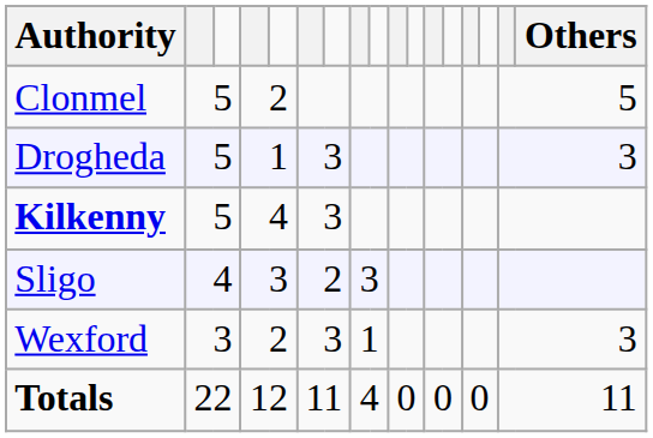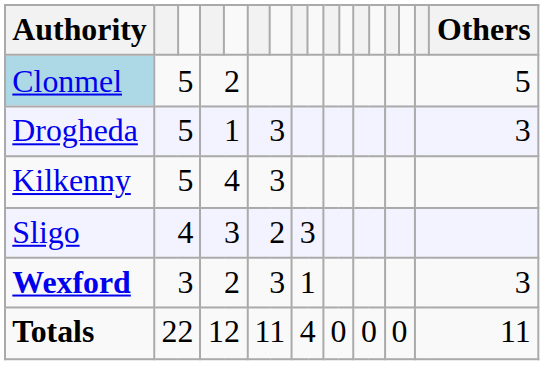 <table class="wikitable" style="text-align:right; padding-left:1em">
 <tr>
 <th align=left>Authority</th>
 <th style="background-color: "></th>
 <td><a href='#'></a></td>
 <th style="background-color: "></th>
 <td><a href='#'></a></td>
 <th style="background-color: "></th>
 <td><a href='#'></a></td>
 <th style="background-color: "></th>
 <td><a href='#'></a></td>
 <th style="background-color: "></th>
 <td><a href='#'></a></td>
 <th style="background-color: "></th>
 <td><a href='#'></a></td>
 <th style="background-color: "></th>
 <td><a href='#'></a></td>
 <th style="background-color: "></th>
 <th>Others</th>
 </tr>
 <tr>
-<td align=left><a href='#'>Clonmel</a></td>
+<td align=left style="background: lightblue;"><a href='#'>Clonmel</a></td>
 <td colspan=2>5</td>
 <td colspan=2>2</td>
 <td colspan=2></td>
 <td colspan=2></td>
 <td colspan=2></td>
 <td colspan=2></td>
 <td colspan=2></td>
 <td colspan=2>5</td>
 </tr>
 <tr bgcolor=F3F3FF>
 <td align=left><a href='#'>Drogheda</a></td>
 <td colspan=2>5</td>
 <td colspan=2>1</td>
 <td colspan=2>3</td>
 <td colspan=2></td>
 <td colspan=2></td>
 <td colspan=2></td>
 <td colspan=2></td>
 <td colspan=2>3</td>
 </tr>
 <tr>
-<td align=left><strong><a href='#'>Kilkenny</a></strong></td>
+<td align=left><a href='#'>Kilkenny</a></td>
 <td colspan=2>5</td>
 <td colspan=2>4</td>
 <td colspan=2>3</td>
 <td colspan=2></td>
 <td colspan=2></td>
 <td colspan=2></td>
 <td colspan=2></td>
 <td colspan=2></td>
 </tr>
 <tr bgcolor=F3F3FF>
 <td align=left><a href='#'>Sligo</a></td>
 <td colspan=2>4</td>
 <td colspan=2>3</td>
 <td colspan=2>2</td>
 <td colspan=2>3</td>
 <td colspan=2></td>
 <td colspan=2></td>
 <td colspan=2></td>
 <td colspan=2></td>
 </tr>
 <tr>
-<td align=left><a href='#'>Wexford</a></td>
+<td align=left><strong><a href='#'>Wexford</a></strong></td>
 <td colspan=2>3</td>
 <td colspan=2>2</td>
 <td colspan=2>3</td>
 <td colspan=2>1</td>
 <td colspan=2></td>
 <td colspan=2></td>
 <td colspan=2></td>
 <td colspan=2>3</td>
 </tr>
 <tr>
 <td align=left><strong>Totals</strong></td>
 <td colspan=2>22</td>
 <td colspan=2>12</td>
 <td colspan=2>11</td>
 <td colspan=2>4</td>
 <td colspan=2>0</td>
 <td colspan=2>0</td>
 <td colspan=2>0</td>
 <td colspan=2>11</td>
 </tr>
 </table>
